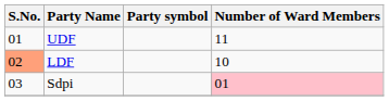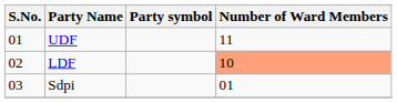 <table class="sortable wikitable">
 <tr>
 <th>S.No.</th>
 <th>Party Name</th>
 <th>Party symbol</th>
 <th>Number of Ward Members</th>
 </tr>
 <tr>
 <td>01</td>
 <td><a href='#'>UDF</a></td>
 <td></td>
 <td>11</td>
 </tr>
 <tr>
-<td style="background: lightsalmon;">02</td>
+<td>02</td>
 <td><a href='#'>LDF</a></td>
 <td></td>
-<td>10</td>
+<td style="background: lightsalmon;">10</td>
 </tr>
 <tr>
 <td>03</td>
 <td>Sdpi</td>
 <td></td>
-<td style="background: pink;">01</td>
+<td>01</td>
 </tr>
 <tr>
 </tr>
 </table>
